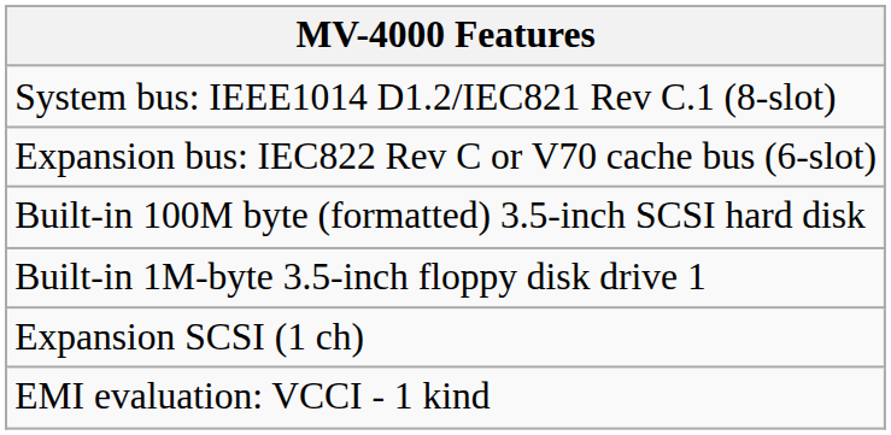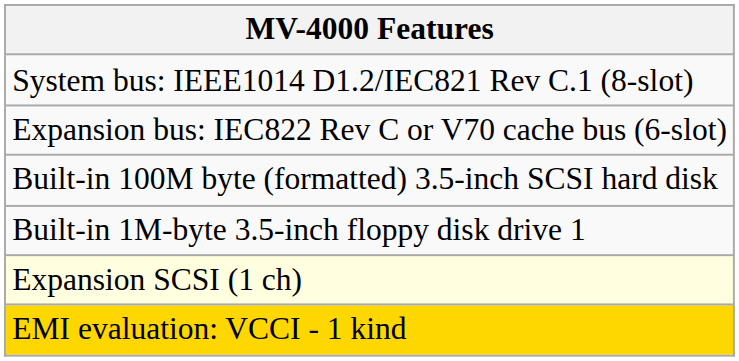 <table class="wikitable">
 <tr>
 <th>MV-4000 Features</th>
 </tr>
 <tr>
 <td>System bus: IEEE1014 D1.2/IEC821 Rev C.1 (8-slot)</td>
 </tr>
 <tr>
 <td>Expansion bus: IEC822 Rev C or V70 cache bus (6-slot)</td>
 </tr>
 <tr>
 <td>Built-in 100M byte (formatted) 3.5-inch SCSI hard disk</td>
 </tr>
 <tr>
 <td>Built-in 1M-byte 3.5-inch floppy disk drive 1</td>
 </tr>
 <tr>
-<td>Expansion SCSI (1 ch)</td>
+<td style="background: lightyellow;">Expansion SCSI (1 ch)</td>
 </tr>
 <tr>
-<td>EMI evaluation: VCCI - 1 kind</td>
+<td style="background: gold;">EMI evaluation: VCCI - 1 kind</td>
 </tr>
 </table>
